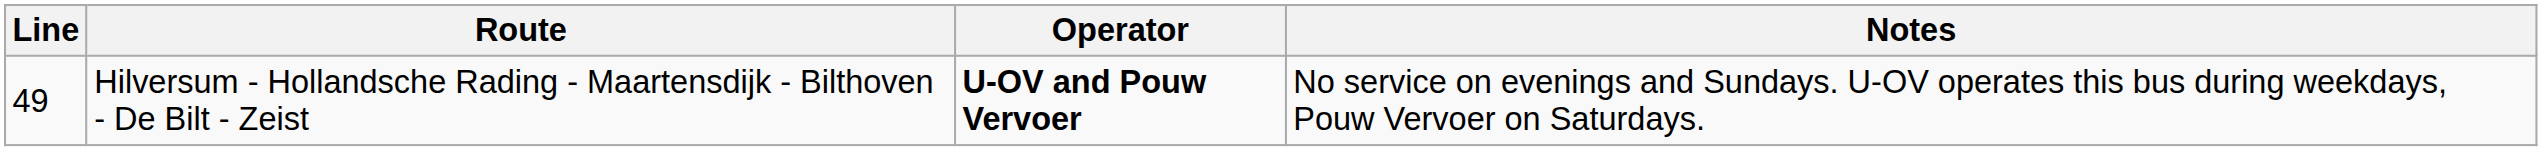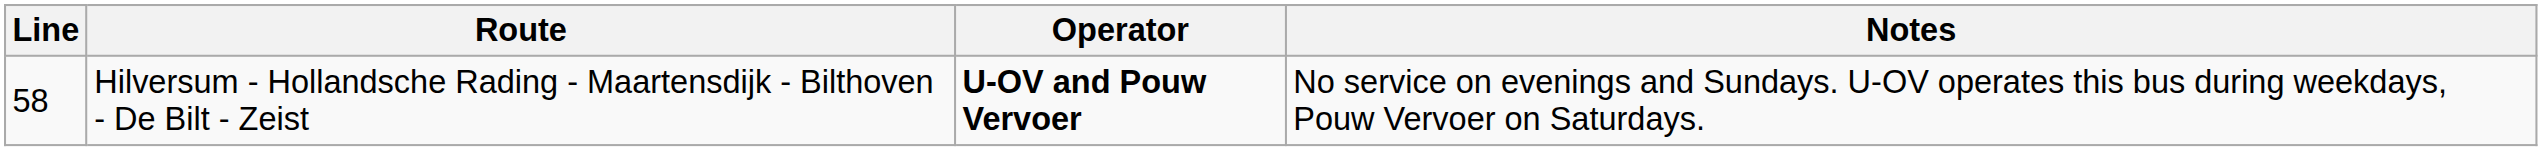 <table class="wikitable">
 <tr>
 <th>Line</th>
 <th>Route</th>
 <th>Operator</th>
 <th>Notes</th>
 </tr>
 <tr>
-<td>49</td>
+<td>58</td>
 <td>Hilversum - Hollandsche Rading - Maartensdijk - Bilthoven - De Bilt - Zeist</td>
 <td><strong>U-OV and Pouw Vervoer</strong></td>
 <td>No service on evenings and Sundays. U-OV operates this bus during weekdays, Pouw Vervoer on Saturdays.</td>
 </tr>
 </table>
